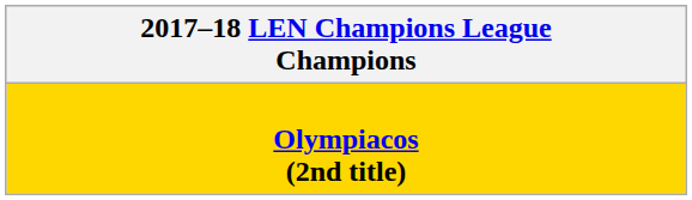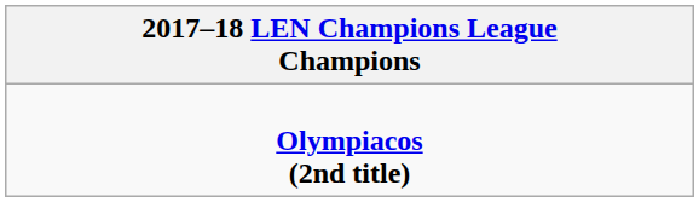 <table class="wikitable" style="margin: 0 auto; width: 30%;">
 <tr>
 <th>2017–18 <a href='#'>LEN Champions League</a><br>Champions</th>
 </tr>
 <tr>
-<td align="center" style="background: gold;"><br><strong><a href='#'>Olympiacos</a></strong><br><strong>(2nd title)</strong></td>
+<td align="center"><br><strong><a href='#'>Olympiacos</a></strong><br><strong>(2nd title)</strong></td>
 </tr>
 </table>
